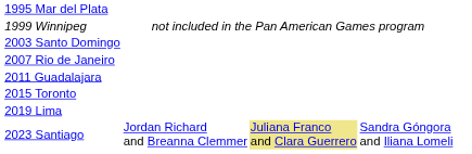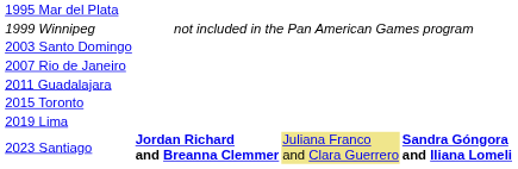 <table>
 <tr>
 <td><a href='#'>1995 Mar del Plata</a><br></td>
 <td></td>
 <td></td>
 <td></td>
 </tr>
 <tr>
 <td><em>1999 Winnipeg</em></td>
 <td colspan=3 align=center><em>not included in the Pan American Games program</em></td>
 </tr>
 <tr>
 <td><a href='#'>2003 Santo Domingo</a><br></td>
 <td></td>
 <td></td>
 <td></td>
 </tr>
 <tr>
 <td><a href='#'>2007 Rio de Janeiro</a><br></td>
 <td></td>
 <td></td>
 <td></td>
 </tr>
 <tr>
 <td><a href='#'>2011 Guadalajara</a><br></td>
 <td></td>
 <td></td>
 <td></td>
 </tr>
 <tr>
 <td><a href='#'>2015 Toronto</a><br></td>
 <td></td>
 <td></td>
 <td></td>
 </tr>
 <tr>
 <td><a href='#'>2019 Lima</a><br></td>
 <td></td>
 <td></td>
 <td></td>
 </tr>
 <tr>
 <td><a href='#'>2023 Santiago</a><br></td>
-<td><a href='#'>Jordan Richard</a><br>and <a href='#'>Breanna Clemmer</a><br></td>
+<td><strong><a href='#'>Jordan Richard</a><br>and <a href='#'>Breanna Clemmer</a><br></strong></td>
 <td style="background: khaki;"><a href='#'>Juliana Franco</a><br>and <a href='#'>Clara Guerrero</a><br></td>
-<td><a href='#'>Sandra Góngora</a><br>and <a href='#'>Iliana Lomeli</a><br></td>
+<td><strong><a href='#'>Sandra Góngora</a><br>and <a href='#'>Iliana Lomeli</a><br></strong></td>
 </tr>
 </table>
